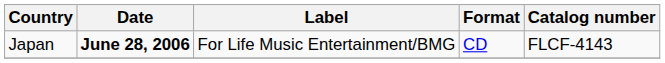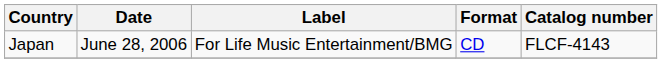 <table class="wikitable">
 <tr>
 <th>Country</th>
 <th>Date</th>
 <th>Label</th>
 <th>Format</th>
 <th>Catalog number</th>
 </tr>
 <tr>
 <td>Japan</td>
-<td><strong>June 28, 2006</strong></td>
+<td>June 28, 2006</td>
 <td>For Life Music Entertainment/BMG</td>
 <td><a href='#'>CD</a></td>
 <td>FLCF-4143</td>
 </tr>
 <tr>
 </tr>
 </table>
